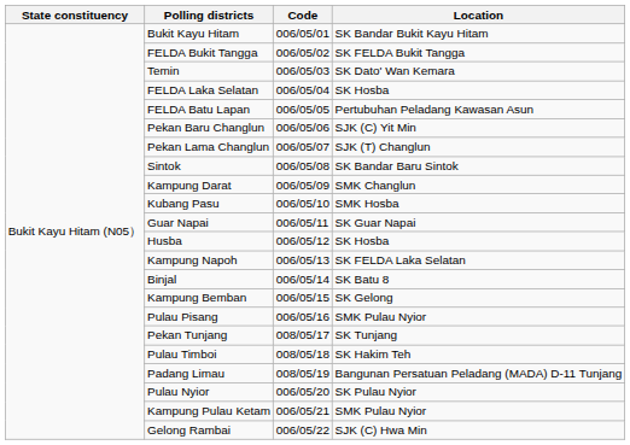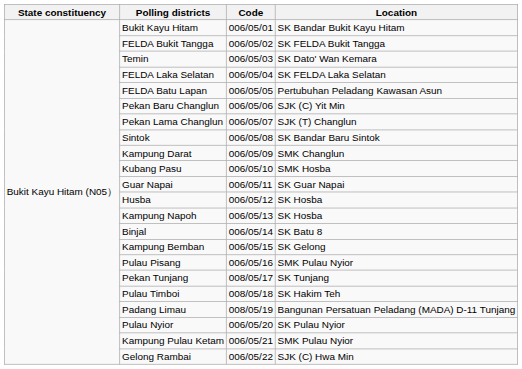 <table class="wikitable sortable mw-collapsible" style="white-space:nowrap;font-size:85%">
 <tr>
 <th>State constituency</th>
 <th>Polling districts</th>
 <th>Code</th>
 <th>Location</th>
 </tr>
 <tr>
 <td rowspan="22">Bukit Kayu Hitam (N05）</td>
 <td>Bukit Kayu Hitam</td>
 <td>006/05/01</td>
 <td>SK Bandar Bukit Kayu Hitam</td>
 </tr>
 <tr>
 <td>FELDA Bukit Tangga</td>
 <td>006/05/02</td>
 <td>SK FELDA Bukit Tangga</td>
 </tr>
 <tr>
 <td>Temin</td>
 <td>006/05/03</td>
 <td>SK Dato' Wan Kemara</td>
 </tr>
 <tr>
 <td>FELDA Laka Selatan</td>
 <td>006/05/04</td>
-<td>SK Hosba</td>
+<td>SK FELDA Laka Selatan</td>
 </tr>
 <tr>
 <td>FELDA Batu Lapan</td>
 <td>006/05/05</td>
 <td>Pertubuhan Peladang Kawasan Asun</td>
 </tr>
 <tr>
 <td>Pekan Baru Changlun</td>
 <td>006/05/06</td>
 <td>SJK (C) Yit Min</td>
 </tr>
 <tr>
 <td>Pekan Lama Changlun</td>
 <td>006/05/07</td>
 <td>SJK (T) Changlun</td>
 </tr>
 <tr>
 <td>Sintok</td>
 <td>006/05/08</td>
 <td>SK Bandar Baru Sintok</td>
 </tr>
 <tr>
 <td>Kampung Darat</td>
 <td>006/05/09</td>
 <td>SMK Changlun</td>
 </tr>
 <tr>
 <td>Kubang Pasu</td>
 <td>006/05/10</td>
 <td>SMK Hosba</td>
 </tr>
 <tr>
 <td>Guar Napai</td>
 <td>006/05/11</td>
 <td>SK Guar Napai</td>
 </tr>
 <tr>
 <td>Husba</td>
 <td>006/05/12</td>
 <td>SK Hosba</td>
 </tr>
 <tr>
 <td>Kampung Napoh</td>
 <td>006/05/13</td>
-<td>SK FELDA Laka Selatan</td>
+<td>SK Hosba</td>
 </tr>
 <tr>
 <td>Binjal</td>
 <td>006/05/14</td>
 <td>SK Batu 8</td>
 </tr>
 <tr>
 <td>Kampung Bemban</td>
 <td>006/05/15</td>
 <td>SK Gelong</td>
 </tr>
 <tr>
 <td>Pulau Pisang</td>
 <td>006/05/16</td>
 <td>SMK Pulau Nyior</td>
 </tr>
 <tr>
 <td>Pekan Tunjang</td>
 <td>008/05/17</td>
 <td>SK Tunjang</td>
 </tr>
 <tr>
 <td>Pulau Timboi</td>
 <td>008/05/18</td>
 <td>SK Hakim Teh</td>
 </tr>
 <tr>
 <td>Padang Limau</td>
 <td>008/05/19</td>
 <td>Bangunan Persatuan Peladang (MADA) D-11 Tunjang</td>
 </tr>
 <tr>
 <td>Pulau Nyior</td>
 <td>006/05/20</td>
 <td>SK Pulau Nyior</td>
 </tr>
 <tr>
 <td>Kampung Pulau Ketam</td>
 <td>006/05/21</td>
 <td>SMK Pulau Nyior</td>
 </tr>
 <tr>
 <td>Gelong Rambai</td>
 <td>006/05/22</td>
 <td>SJK (C) Hwa Min</td>
 </tr>
 </table>
